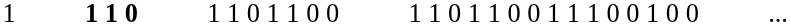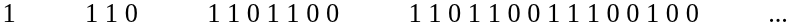 <table style="margin-left:1.6em" cellpadding=20>
 <tr>
 <td></td>
 <td></td>
 <td></td>
 <td></td>
 <td></td>
 </tr>
 <tr>
 <td>1</td>
-<td><strong>1 1 0</strong></td>
+<td>1 1 0</td>
 <td>1 1 0 1 1 0 0</td>
 <td>1 1 0 1 1 0 0 1 1 1 0 0 1 0 0</td>
 <td>...</td>
 </tr>
 </table>
